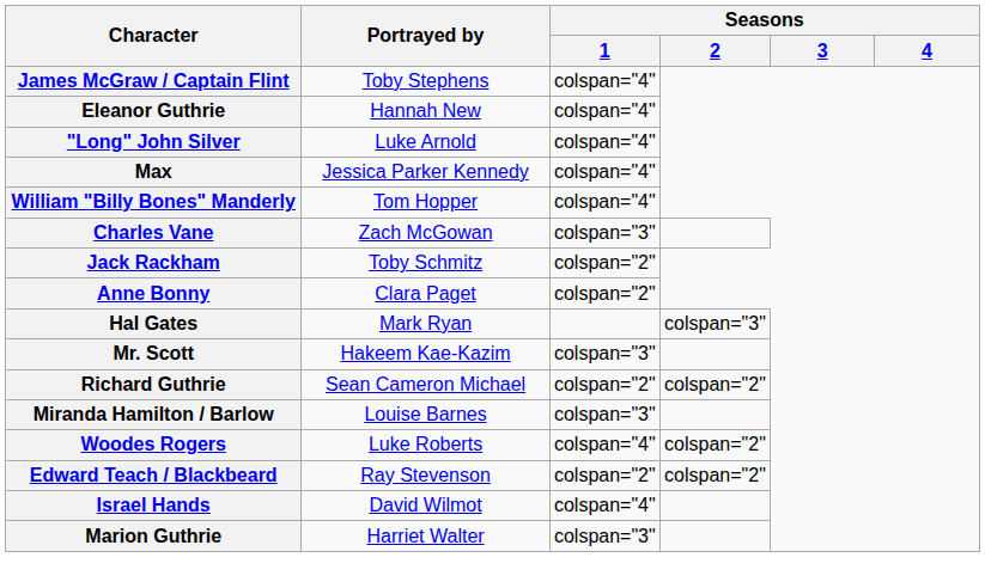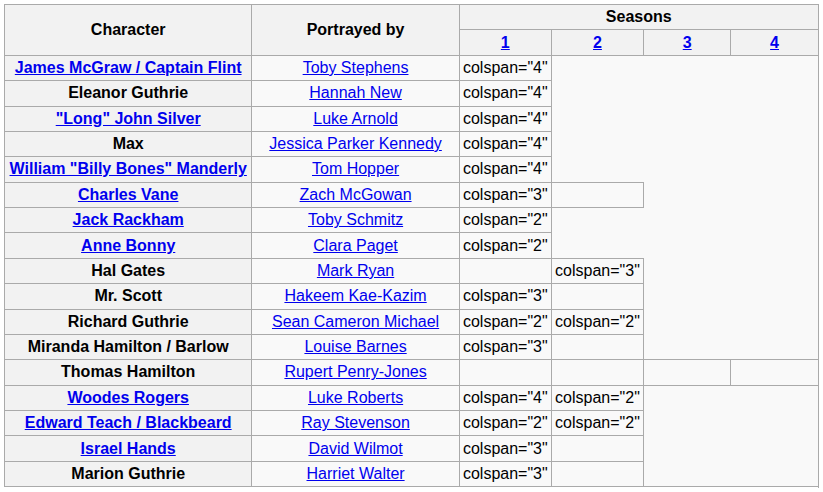 <table class="wikitable" style="text-align: center;">
 <tr>
 <th rowspan="2" style="width:240px;">Character</th>
 <th rowspan="2" style="width:200px;">Portrayed by</th>
 <th colspan="4">Seasons</th>
 </tr>
 <tr>
 <th style="width:80px;"><a href='#'>1</a></th>
 <th style="width:80px;"><a href='#'>2</a></th>
 <th style="width:80px;"><a href='#'>3</a></th>
 <th style="width:80px;"><a href='#'>4</a></th>
 </tr>
 <tr>
 <th><a href='#'>James McGraw / Captain Flint</a></th>
 <td><a href='#'>Toby Stephens</a></td>
 <td>colspan="4" </td>
 </tr>
 <tr>
 <th>Eleanor Guthrie</th>
 <td><a href='#'>Hannah New</a></td>
 <td>colspan="4" </td>
 </tr>
 <tr>
 <th><a href='#'>"Long" John Silver</a></th>
 <td><a href='#'>Luke Arnold</a></td>
 <td>colspan="4" </td>
 </tr>
 <tr>
 <th>Max</th>
 <td><a href='#'>Jessica Parker Kennedy</a></td>
 <td>colspan="4" </td>
 </tr>
 <tr>
 <th><a href='#'>William "Billy Bones" Manderly</a></th>
 <td><a href='#'>Tom Hopper</a></td>
 <td>colspan="4" </td>
 </tr>
 <tr>
 <th><a href='#'>Charles Vane</a></th>
 <td><a href='#'>Zach McGowan</a></td>
 <td>colspan="3" </td>
 <td></td>
 </tr>
 <tr>
 <th><a href='#'>Jack Rackham</a></th>
 <td><a href='#'>Toby Schmitz</a></td>
 <td>colspan="2" </td>
 </tr>
 <tr>
 <th><a href='#'>Anne Bonny</a></th>
 <td><a href='#'>Clara Paget</a></td>
 <td>colspan="2" </td>
 </tr>
 <tr>
 <th>Hal Gates</th>
 <td><a href='#'>Mark Ryan</a></td>
 <td></td>
 <td>colspan="3" </td>
 </tr>
 <tr>
 <th>Mr. Scott</th>
 <td><a href='#'>Hakeem Kae-Kazim</a></td>
 <td>colspan="3" </td>
 <td></td>
 </tr>
 <tr>
 <th>Richard Guthrie</th>
 <td><a href='#'>Sean Cameron Michael</a></td>
 <td>colspan="2" </td>
 <td>colspan="2" </td>
 </tr>
 <tr>
 <th>Miranda Hamilton / Barlow</th>
 <td><a href='#'>Louise Barnes</a></td>
 <td>colspan="3" </td>
 <td></td>
 </tr>
 <tr>
+<th>Thomas Hamilton</th>
+<td><a href='#'>Rupert Penry-Jones</a></td>
+<td></td>
+<td></td>
+<td></td>
+<td></td>
+</tr>
+<tr>
 <th><a href='#'>Woodes Rogers</a></th>
 <td><a href='#'>Luke Roberts</a></td>
 <td>colspan="4" </td>
 <td>colspan="2" </td>
 </tr>
 <tr>
 <th><a href='#'>Edward Teach / Blackbeard</a></th>
 <td><a href='#'>Ray Stevenson</a></td>
 <td>colspan="2" </td>
 <td>colspan="2" </td>
 </tr>
 <tr>
 <th><a href='#'>Israel Hands</a></th>
 <td><a href='#'>David Wilmot</a></td>
-<td>colspan="4" </td>
+<td>colspan="3" </td>
 <td></td>
 </tr>
 <tr>
 <th>Marion Guthrie</th>
 <td><a href='#'>Harriet Walter</a></td>
 <td>colspan="3" </td>
 <td></td>
 </tr>
 <tr>
 </tr>
 </table>
